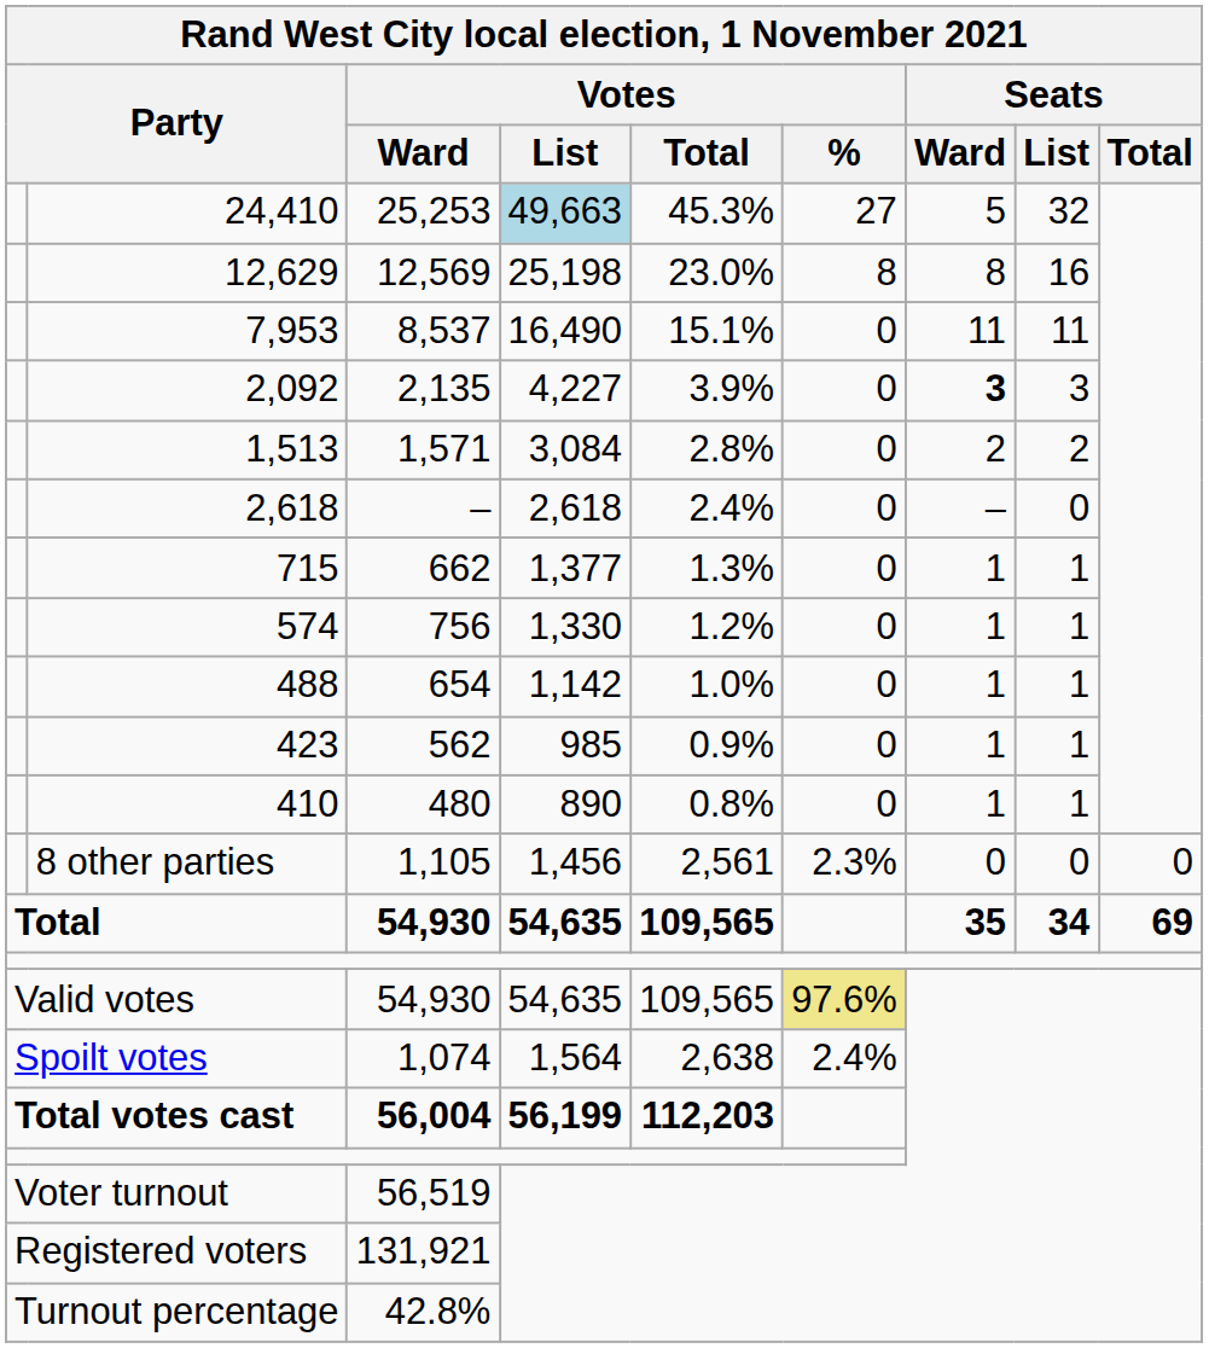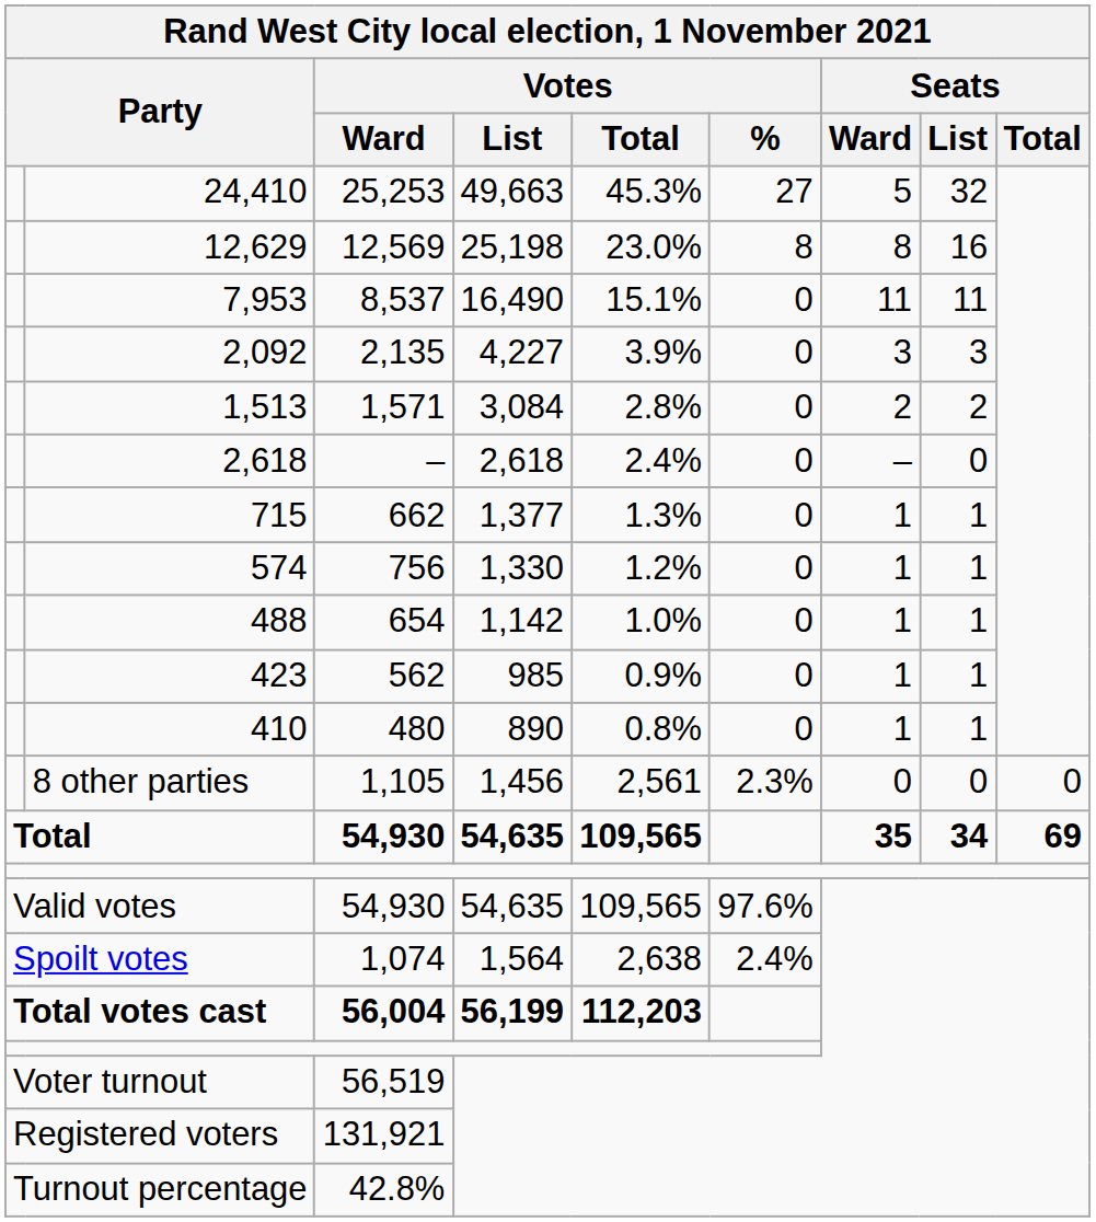 <table class=wikitable style="text-align:right">
 <tr>
 <th colspan="9" align="center">Rand West City local election, 1 November 2021</th>
 </tr>
 <tr>
 <th rowspan="2" colspan="2">Party</th>
 <th colspan="4" align="center">Votes</th>
 <th colspan="3" align="center">Seats</th>
 </tr>
 <tr>
 <th>Ward</th>
 <th>List</th>
 <th>Total</th>
 <th>%</th>
 <th>Ward</th>
 <th>List</th>
 <th>Total</th>
 </tr>
 <tr>
 <td></td>
 <td>24,410</td>
 <td>25,253</td>
-<td style="background: lightblue;">49,663</td>
+<td>49,663</td>
 <td>45.3%</td>
 <td>27</td>
 <td>5</td>
 <td>32</td>
 </tr>
 <tr>
 <td></td>
 <td>12,629</td>
 <td>12,569</td>
 <td>25,198</td>
 <td>23.0%</td>
 <td>8</td>
 <td>8</td>
 <td>16</td>
 </tr>
 <tr>
 <td></td>
 <td>7,953</td>
 <td>8,537</td>
 <td>16,490</td>
 <td>15.1%</td>
 <td>0</td>
 <td>11</td>
 <td>11</td>
 </tr>
 <tr>
 <td></td>
 <td>2,092</td>
 <td>2,135</td>
 <td>4,227</td>
 <td>3.9%</td>
 <td>0</td>
-<td><strong>3</strong></td>
+<td>3</td>
 <td>3</td>
 </tr>
 <tr>
 <td></td>
 <td>1,513</td>
 <td>1,571</td>
 <td>3,084</td>
 <td>2.8%</td>
 <td>0</td>
 <td>2</td>
 <td>2</td>
 </tr>
 <tr>
 <td></td>
 <td>2,618</td>
 <td>–</td>
 <td>2,618</td>
 <td>2.4%</td>
 <td>0</td>
 <td>–</td>
 <td>0</td>
 </tr>
 <tr>
 <td></td>
 <td>715</td>
 <td>662</td>
 <td>1,377</td>
 <td>1.3%</td>
 <td>0</td>
 <td>1</td>
 <td>1</td>
 </tr>
 <tr>
 <td></td>
 <td>574</td>
 <td>756</td>
 <td>1,330</td>
 <td>1.2%</td>
 <td>0</td>
 <td>1</td>
 <td>1</td>
 </tr>
 <tr>
 <td></td>
 <td>488</td>
 <td>654</td>
 <td>1,142</td>
 <td>1.0%</td>
 <td>0</td>
 <td>1</td>
 <td>1</td>
 </tr>
 <tr>
 <td></td>
 <td>423</td>
 <td>562</td>
 <td>985</td>
 <td>0.9%</td>
 <td>0</td>
 <td>1</td>
 <td>1</td>
 </tr>
 <tr>
 <td></td>
 <td>410</td>
 <td>480</td>
 <td>890</td>
 <td>0.8%</td>
 <td>0</td>
 <td>1</td>
 <td>1</td>
 </tr>
 <tr>
 <td></td>
 <td style="text-align:left">8 other parties</td>
 <td>1,105</td>
 <td>1,456</td>
 <td>2,561</td>
 <td>2.3%</td>
 <td>0</td>
 <td>0</td>
 <td>0</td>
 </tr>
 <tr>
 <td colspan="2" style="text-align:left"><strong>Total</strong></td>
 <td><strong>54,930</strong></td>
 <td><strong>54,635</strong></td>
 <td><strong>109,565</strong></td>
 <td></td>
 <td><strong>35</strong></td>
 <td><strong>34</strong></td>
 <td><strong>69</strong></td>
 </tr>
 <tr>
 <td colspan="9"></td>
 </tr>
 <tr>
 <td colspan="2" style="text-align:left">Valid votes</td>
 <td>54,930</td>
 <td>54,635</td>
 <td>109,565</td>
-<td style="background: khaki;">97.6%</td>
+<td>97.6%</td>
 </tr>
 <tr>
 <td colspan="2" style="text-align:left"><a href='#'>Spoilt votes</a></td>
 <td>1,074</td>
 <td>1,564</td>
 <td>2,638</td>
 <td>2.4%</td>
 </tr>
 <tr>
 <td colspan="2" style="text-align:left"><strong>Total votes cast</strong></td>
 <td><strong>56,004</strong></td>
 <td><strong>56,199</strong></td>
 <td><strong>112,203</strong></td>
 <td></td>
 </tr>
 <tr>
 <td colspan="6"></td>
 </tr>
 <tr>
 <td colspan="2" style="text-align:left">Voter turnout</td>
 <td>56,519</td>
 </tr>
 <tr>
 <td colspan="2" style="text-align:left">Registered voters</td>
 <td>131,921</td>
 </tr>
 <tr>
 <td colspan="2" style="text-align:left">Turnout percentage</td>
 <td>42.8%</td>
 </tr>
 </table>
